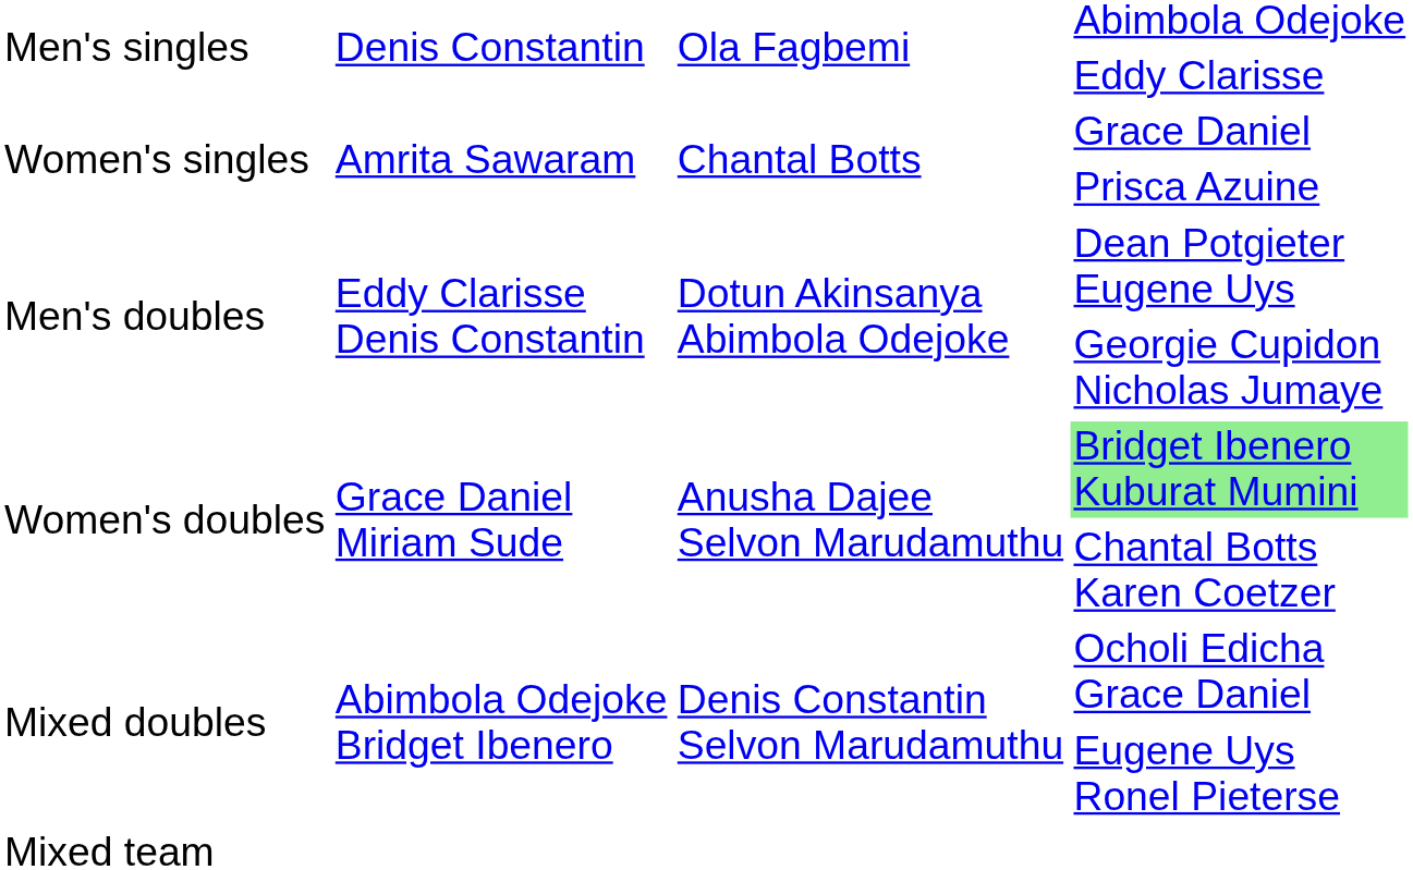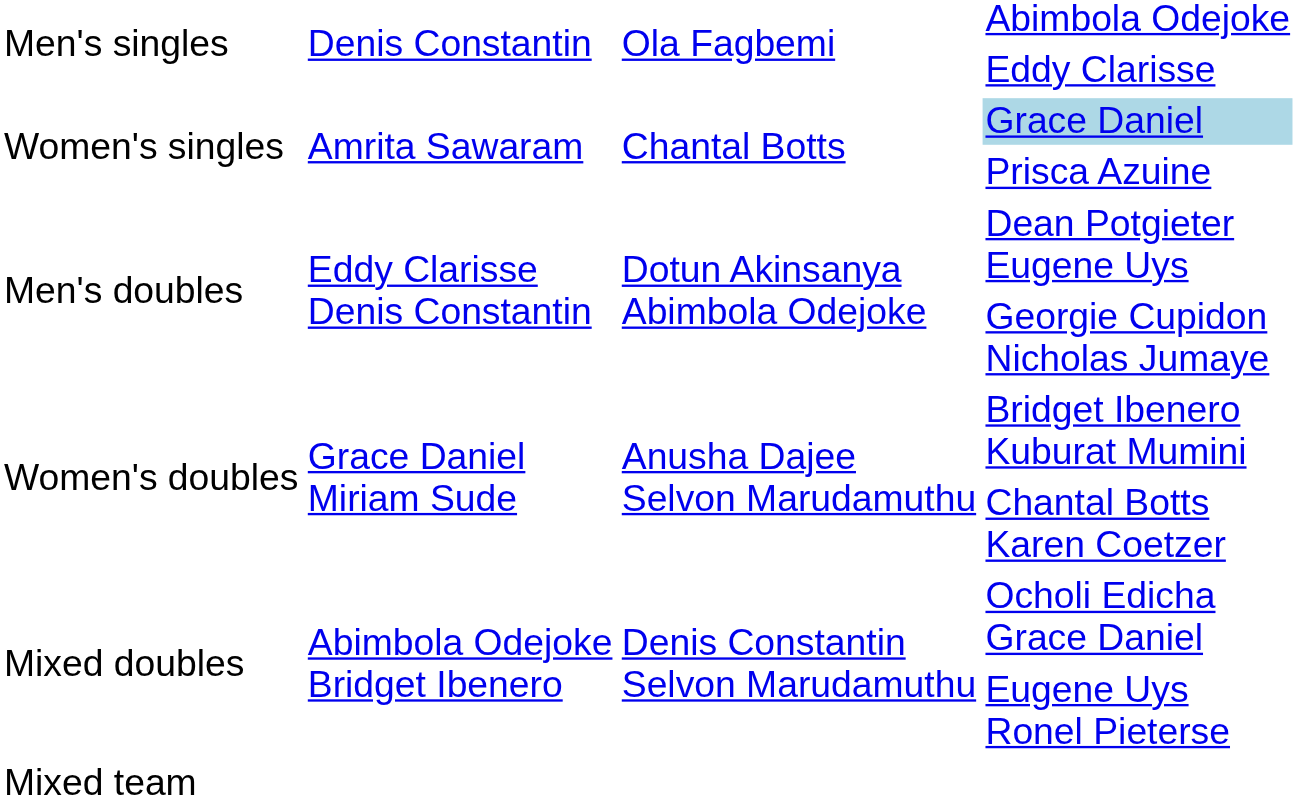 <table>
 <tr>
 <td rowspan=2>Men's singles</td>
 <td rowspan=2> <a href='#'>Denis Constantin</a></td>
 <td rowspan=2> <a href='#'>Ola Fagbemi</a></td>
 <td> <a href='#'>Abimbola Odejoke</a></td>
 </tr>
 <tr>
 <td> <a href='#'>Eddy Clarisse</a></td>
 </tr>
 <tr>
 <td rowspan=2>Women's singles</td>
 <td rowspan=2> <a href='#'>Amrita Sawaram</a></td>
 <td rowspan=2> <a href='#'>Chantal Botts</a></td>
-<td> <a href='#'>Grace Daniel</a></td>
+<td style="background: lightblue;"> <a href='#'>Grace Daniel</a></td>
 </tr>
 <tr>
 <td> <a href='#'>Prisca Azuine</a></td>
 </tr>
 <tr>
 <td rowspan=2>Men's doubles</td>
 <td rowspan=2> <a href='#'>Eddy Clarisse</a> <br> <a href='#'>Denis Constantin</a></td>
 <td rowspan=2> <a href='#'>Dotun Akinsanya</a> <br> <a href='#'>Abimbola Odejoke</a></td>
 <td> <a href='#'>Dean Potgieter</a> <br> <a href='#'>Eugene Uys</a></td>
 </tr>
 <tr>
 <td> <a href='#'>Georgie Cupidon</a> <br> <a href='#'>Nicholas Jumaye</a></td>
 </tr>
 <tr>
 <td rowspan=2>Women's doubles</td>
 <td rowspan=2> <a href='#'>Grace Daniel</a> <br> <a href='#'>Miriam Sude</a></td>
 <td rowspan=2> <a href='#'>Anusha Dajee</a> <br> <a href='#'>Selvon Marudamuthu</a></td>
-<td style="background: lightgreen;"> <a href='#'>Bridget Ibenero</a> <br> <a href='#'>Kuburat Mumini</a></td>
+<td> <a href='#'>Bridget Ibenero</a> <br> <a href='#'>Kuburat Mumini</a></td>
 </tr>
 <tr>
 <td> <a href='#'>Chantal Botts</a> <br> <a href='#'>Karen Coetzer</a></td>
 </tr>
 <tr>
 <td rowspan=2>Mixed doubles</td>
 <td rowspan=2> <a href='#'>Abimbola Odejoke</a> <br> <a href='#'>Bridget Ibenero</a></td>
 <td rowspan=2> <a href='#'>Denis Constantin</a> <br> <a href='#'>Selvon Marudamuthu</a></td>
 <td> <a href='#'>Ocholi Edicha</a> <br> <a href='#'>Grace Daniel</a></td>
 </tr>
 <tr>
 <td> <a href='#'>Eugene Uys</a> <br> <a href='#'>Ronel Pieterse</a></td>
 </tr>
 <tr>
 <td>Mixed team</td>
 <td></td>
 <td></td>
 <td></td>
 </tr>
 </table>
